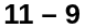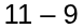 <table style="text-align:center">
 <tr>
 <th width=200></th>
 <th width=100></th>
 <th width=200></th>
 </tr>
 <tr>
 <td align=right><strong></strong></td>
-<td><strong>11 – 9</strong></td>
+<td>11 – 9</td>
 <td align=left></td>
 </tr>
 </table>
